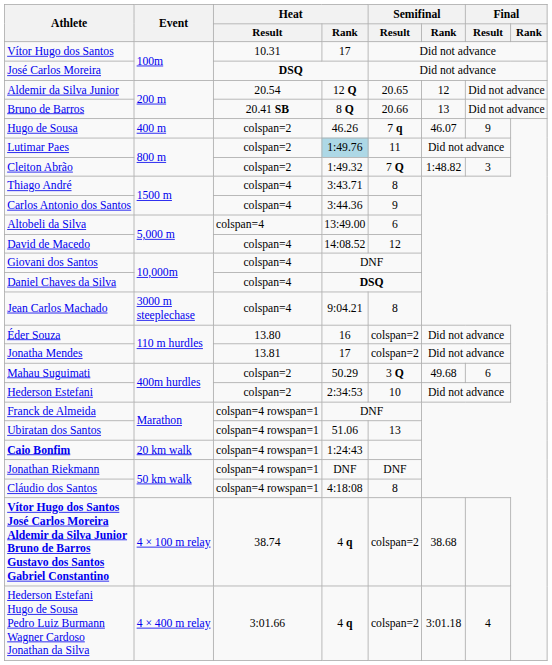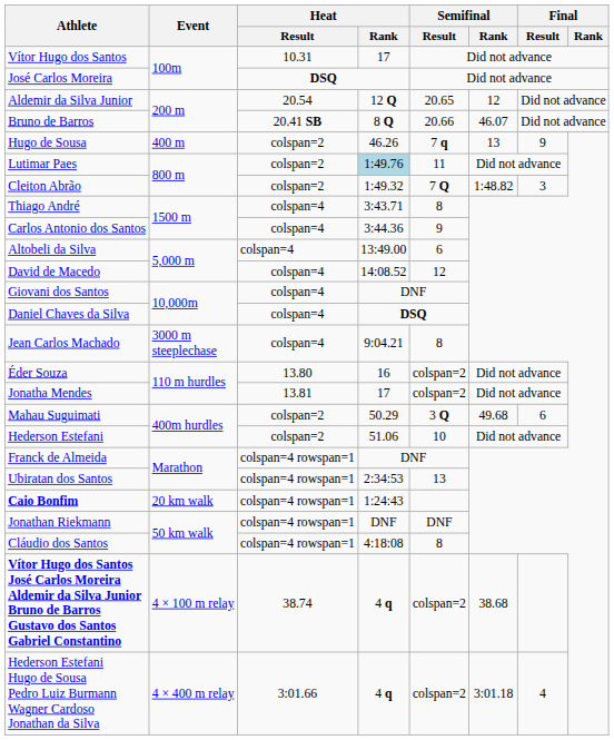 <table class="wikitable" style="font-size:90%">
 <tr>
 <th rowspan="2">Athlete</th>
 <th rowspan="2">Event</th>
 <th colspan="2">Heat</th>
 <th colspan="2">Semifinal</th>
 <th colspan="2">Final</th>
 </tr>
 <tr style="font-size:95%">
 <th>Result</th>
 <th>Rank</th>
 <th>Result</th>
 <th>Rank</th>
 <th>Result</th>
 <th>Rank</th>
 </tr>
 <tr align=center>
 <td align=left><a href='#'>Vítor Hugo dos Santos</a></td>
 <td align=left rowspan=2><a href='#'>100m</a></td>
 <td>10.31</td>
 <td>17</td>
 <td align="center" colspan="4">Did not advance</td>
 </tr>
 <tr align=center>
 <td align=left><a href='#'>José Carlos Moreira</a></td>
 <td colspan=2><strong>DSQ</strong></td>
 <td align="center" colspan="4">Did not advance</td>
 </tr>
 <tr align=center>
 <td align=left><a href='#'>Aldemir da Silva Junior</a></td>
 <td align=left rowspan=2><a href='#'>200 m</a></td>
 <td>20.54</td>
 <td>12 <strong>Q</strong></td>
 <td>20.65</td>
 <td>12</td>
 <td align="center" colspan="2">Did not advance</td>
 </tr>
 <tr align=center>
 <td align=left><a href='#'>Bruno de Barros</a></td>
 <td>20.41 <strong>SB</strong></td>
 <td>8 <strong>Q</strong></td>
 <td>20.66</td>
-<td>13</td>
+<td>46.07</td>
 <td align="center" colspan="2">Did not advance</td>
 </tr>
 <tr align=center>
 <td align=left><a href='#'>Hugo de Sousa</a></td>
 <td align=left rowspan=1><a href='#'>400 m</a></td>
 <td>colspan=2 </td>
 <td>46.26</td>
 <td>7 <strong>q</strong></td>
-<td>46.07</td>
+<td>13</td>
 <td>9</td>
 </tr>
 <tr align=center>
 <td align=left><a href='#'>Lutimar Paes</a></td>
 <td align=left rowspan=2><a href='#'>800 m</a></td>
 <td>colspan=2 </td>
 <td style="background: lightblue;">1:49.76</td>
 <td>11</td>
 <td align="center" colspan="2">Did not advance</td>
 </tr>
 <tr align=center>
 <td align=left><a href='#'>Cleiton Abrão</a></td>
 <td>colspan=2 </td>
 <td>1:49.32</td>
 <td>7 <strong>Q</strong></td>
 <td>1:48.82</td>
 <td>3</td>
 </tr>
 <tr align=center>
 <td align=left><a href='#'>Thiago André</a></td>
 <td align=left rowspan=2><a href='#'>1500 m</a></td>
 <td>colspan=4 </td>
 <td>3:43.71</td>
 <td>8</td>
 </tr>
 <tr align=center>
 <td align=left><a href='#'>Carlos Antonio dos Santos</a></td>
 <td>colspan=4 </td>
 <td>3:44.36</td>
 <td>9</td>
 </tr>
 <tr align=center|-align=center>
 <td align=left><a href='#'>Altobeli da Silva</a></td>
 <td align=left rowspan=2><a href='#'>5,000 m</a></td>
 <td>colspan=4 </td>
 <td>13:49.00</td>
 <td align=center>6</td>
 </tr>
 <tr align=center>
 <td align=left><a href='#'>David de Macedo</a></td>
 <td>colspan=4 </td>
 <td>14:08.52</td>
 <td>12</td>
 </tr>
 <tr align=center>
 <td align=left><a href='#'>Giovani dos Santos</a></td>
 <td align=left rowspan=2><a href='#'>10,000m</a></td>
 <td>colspan=4 </td>
 <td colspan=2>DNF</td>
 </tr>
 <tr align=center>
 <td align=left><a href='#'>Daniel Chaves da Silva</a></td>
 <td>colspan=4 </td>
 <td colspan=2><strong>DSQ</strong></td>
 </tr>
 <tr align=center>
 <td align=left><a href='#'>Jean Carlos Machado</a></td>
 <td align=left><a href='#'>3000 m<br>steeplechase</a></td>
 <td>colspan=4 </td>
 <td>9:04.21</td>
 <td>8</td>
 </tr>
 <tr align=center>
 <td align=left><a href='#'>Éder Souza</a></td>
 <td align=left rowspan=2><a href='#'>110 m hurdles</a></td>
 <td>13.80</td>
 <td>16</td>
 <td>colspan=2 </td>
 <td align="center" colspan="2">Did not advance</td>
 </tr>
 <tr align=center>
 <td align=left><a href='#'>Jonatha Mendes</a></td>
 <td>13.81</td>
 <td>17</td>
 <td>colspan=2 </td>
 <td align="center" colspan="2">Did not advance</td>
 </tr>
 <tr align=center>
 <td align=left><a href='#'>Mahau Suguimati</a></td>
 <td align=left rowspan=2><a href='#'>400m hurdles</a></td>
 <td>colspan=2 </td>
 <td>50.29</td>
 <td>3 <strong>Q</strong></td>
 <td>49.68</td>
 <td>6</td>
 </tr>
 <tr align=center>
 <td align=left><a href='#'>Hederson Estefani</a></td>
 <td>colspan=2 </td>
-<td>2:34:53</td>
+<td>51.06</td>
 <td>10</td>
 <td align="center" colspan="2">Did not advance</td>
 </tr>
 <tr align=center>
 <td align=left><a href='#'>Franck de Almeida</a></td>
 <td align=left rowspan=2><a href='#'>Marathon</a></td>
 <td>colspan=4 rowspan=1 </td>
 <td colspan=2>DNF</td>
 </tr>
 <tr align=center>
 <td align=left><a href='#'>Ubiratan dos Santos</a></td>
 <td>colspan=4 rowspan=1 </td>
-<td>51.06</td>
+<td>2:34:53</td>
 <td>13</td>
 </tr>
 <tr align=center>
 <td align=left><strong><a href='#'>Caio Bonfim</a></strong></td>
 <td align=left><a href='#'>20 km walk</a></td>
 <td>colspan=4 rowspan=1 </td>
 <td>1:24:43</td>
 <td></td>
 </tr>
 <tr align=center>
 <td align=left><a href='#'>Jonathan Riekmann</a></td>
 <td align=left rowspan=2><a href='#'>50 km walk</a></td>
 <td>colspan=4 rowspan=1 </td>
 <td>DNF</td>
 <td>DNF</td>
 </tr>
 <tr align=center>
 <td align=left><a href='#'>Cláudio dos Santos</a></td>
 <td>colspan=4 rowspan=1 </td>
 <td>4:18:08</td>
 <td>8</td>
 </tr>
 <tr align=center>
 <td align=left><strong><a href='#'>Vítor Hugo dos Santos</a></strong><br><strong><a href='#'>José Carlos Moreira</a></strong><br><strong><a href='#'>Aldemir da Silva Junior</a></strong><br><strong><a href='#'>Bruno de Barros</a></strong><br><strong><a href='#'>Gustavo dos Santos</a></strong><br><strong><a href='#'>Gabriel Constantino</a></strong></td>
 <td align=left><a href='#'>4 × 100 m relay</a></td>
 <td>38.74</td>
 <td>4 <strong>q</strong></td>
 <td>colspan=2 </td>
 <td>38.68</td>
 <td></td>
 </tr>
 <tr align=center>
 <td align=left><a href='#'>Hederson Estefani</a><br><a href='#'>Hugo de Sousa</a><br><a href='#'>Pedro Luiz Burmann</a><br><a href='#'>Wagner Cardoso</a><br><a href='#'>Jonathan da Silva</a></td>
 <td align=left><a href='#'>4 × 400 m relay</a></td>
 <td>3:01.66</td>
 <td>4 <strong>q</strong></td>
 <td>colspan=2 </td>
 <td>3:01.18</td>
 <td>4</td>
 </tr>
 </table>
